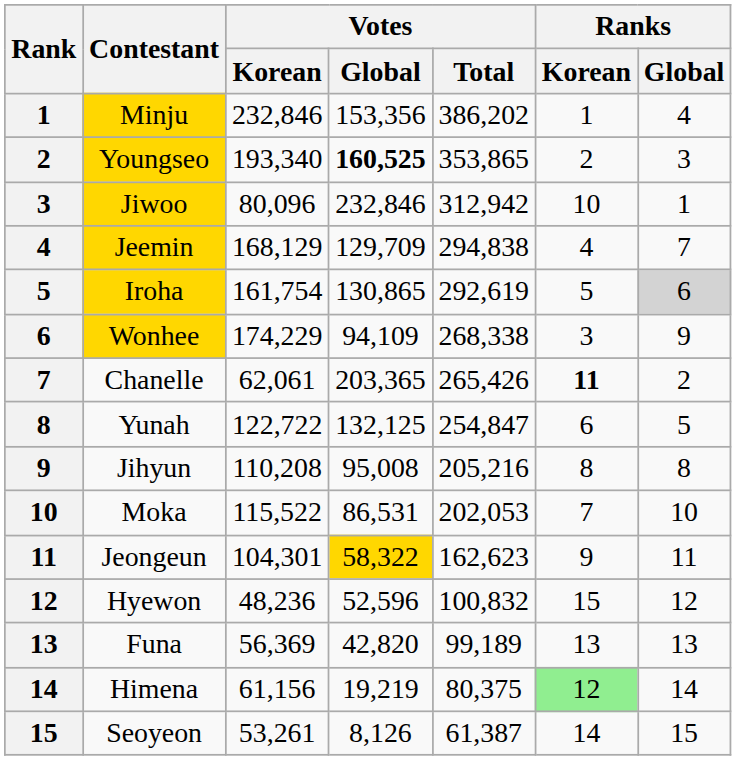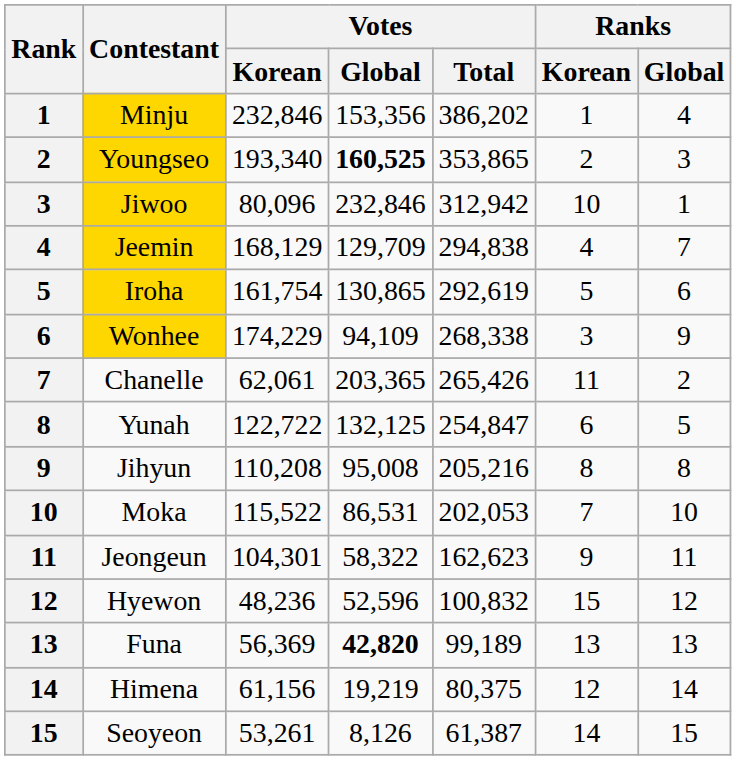 <table class="wikitable sortable" style="text-align: center">
 <tr>
 <th rowspan="2">Rank</th>
 <th class="unsortable" rowspan="2">Contestant</th>
 <th colspan="3">Votes</th>
 <th colspan="2">Ranks</th>
 </tr>
 <tr>
 <th>Korean</th>
 <th>Global</th>
 <th>Total </th>
 <th>Korean</th>
 <th>Global</th>
 </tr>
 <tr>
 <th>1</th>
 <td style="background:#FFD700">Minju</td>
 <td>232,846</td>
 <td>153,356</td>
 <td>386,202</td>
 <td>1</td>
 <td>4</td>
 </tr>
 <tr>
 <th>2</th>
 <td style="background:#FFD700">Youngseo</td>
 <td>193,340</td>
 <td><strong>160,525</strong></td>
 <td>353,865</td>
 <td>2</td>
 <td>3</td>
 </tr>
 <tr>
 <th>3</th>
 <td style="background:#FFD700">Jiwoo</td>
 <td>80,096</td>
 <td>232,846</td>
 <td>312,942</td>
 <td>10</td>
 <td>1</td>
 </tr>
 <tr>
 <th>4</th>
 <td style="background:#FFD700">Jeemin</td>
 <td>168,129</td>
 <td>129,709</td>
 <td>294,838</td>
 <td>4</td>
 <td>7</td>
 </tr>
 <tr>
 <th>5</th>
 <td style="background:#FFD700">Iroha</td>
 <td>161,754</td>
 <td>130,865</td>
 <td>292,619</td>
 <td>5</td>
-<td style="background: lightgrey;">6</td>
+<td>6</td>
 </tr>
 <tr>
 <th>6</th>
 <td style="background:#FFD700">Wonhee</td>
 <td>174,229</td>
 <td>94,109</td>
 <td>268,338</td>
 <td>3</td>
 <td>9</td>
 </tr>
 <tr>
 <th>7</th>
 <td>Chanelle</td>
 <td>62,061</td>
 <td>203,365</td>
 <td>265,426</td>
-<td><strong>11</strong></td>
+<td>11</td>
 <td>2</td>
 </tr>
 <tr>
 <th>8</th>
 <td>Yunah</td>
 <td>122,722</td>
 <td>132,125</td>
 <td>254,847</td>
 <td>6</td>
 <td>5</td>
 </tr>
 <tr>
 <th>9</th>
 <td>Jihyun</td>
 <td>110,208</td>
 <td>95,008</td>
 <td>205,216</td>
 <td>8</td>
 <td>8</td>
 </tr>
 <tr>
 <th>10</th>
 <td>Moka</td>
 <td>115,522</td>
 <td>86,531</td>
 <td>202,053</td>
 <td>7</td>
 <td>10</td>
 </tr>
 <tr>
 <th>11</th>
 <td>Jeongeun</td>
 <td>104,301</td>
-<td style="background: gold;">58,322</td>
+<td>58,322</td>
 <td>162,623</td>
 <td>9</td>
 <td>11</td>
 </tr>
 <tr>
 <th>12</th>
 <td>Hyewon</td>
 <td>48,236</td>
 <td>52,596</td>
 <td>100,832</td>
 <td>15</td>
 <td>12</td>
 </tr>
 <tr>
 <th>13</th>
 <td>Funa</td>
 <td>56,369</td>
-<td>42,820</td>
+<td><strong>42,820</strong></td>
 <td>99,189</td>
 <td>13</td>
 <td>13</td>
 </tr>
 <tr>
 <th>14</th>
 <td>Himena</td>
 <td>61,156</td>
 <td>19,219</td>
 <td>80,375</td>
-<td style="background: lightgreen;">12</td>
+<td>12</td>
 <td>14</td>
 </tr>
 <tr>
 <th>15</th>
 <td>Seoyeon</td>
 <td>53,261</td>
 <td>8,126</td>
 <td>61,387</td>
 <td>14</td>
 <td>15</td>
 </tr>
 </table>
